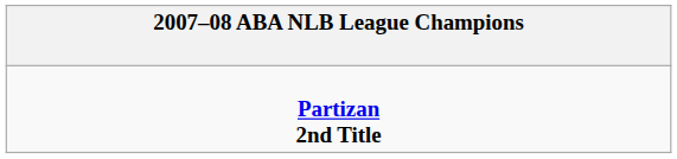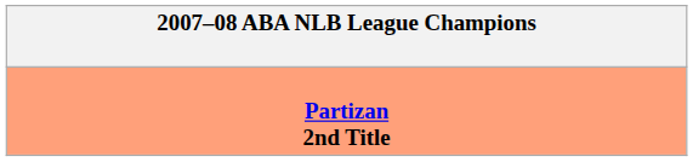 <table class="wikitable" style="margin: 0 auto; width: 30%;">
 <tr>
 <th>2007–08 ABA NLB League Champions<br><br></th>
 </tr>
 <tr>
-<td align=center><br><strong><a href='#'>Partizan</a></strong><br><strong>2nd Title</strong></td>
+<td align=center style="background: lightsalmon;"><br><strong><a href='#'>Partizan</a></strong><br><strong>2nd Title</strong></td>
 </tr>
 </table>
